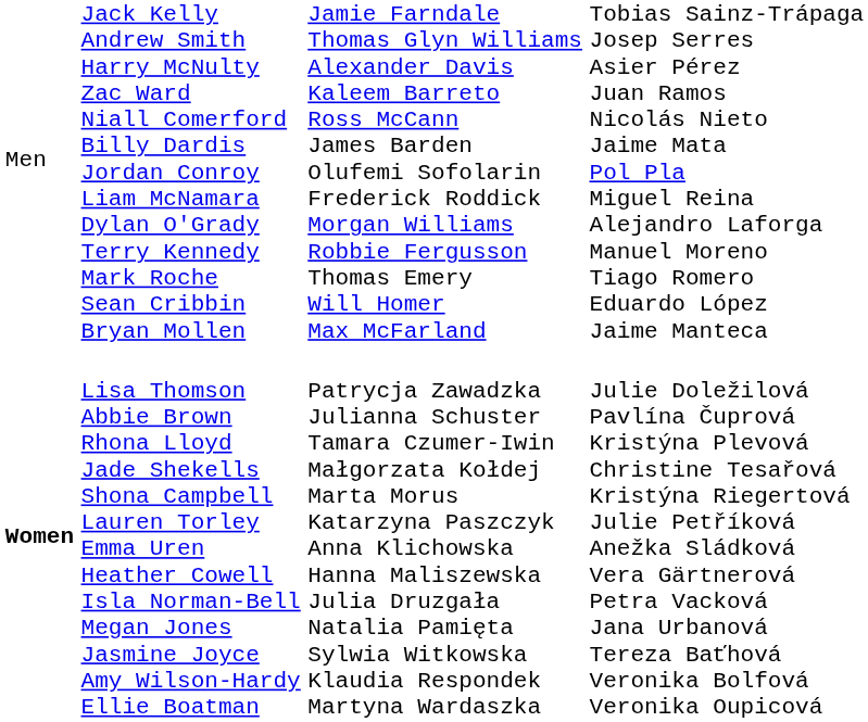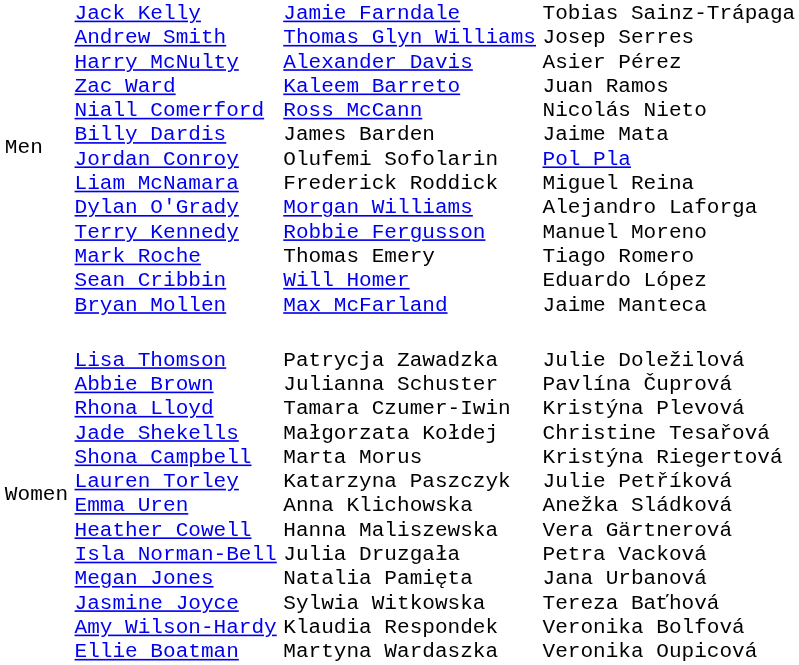 <table>
 <tr>
 <td>Men<br></td>
 <td><br><a href='#'>Jack Kelly</a><br><a href='#'>Andrew Smith</a><br><a href='#'>Harry McNulty</a><br><a href='#'>Zac Ward</a><br><a href='#'>Niall Comerford</a><br><a href='#'>Billy Dardis</a><br><a href='#'>Jordan Conroy</a><br><a href='#'>Liam McNamara</a><br><a href='#'>Dylan O'Grady</a><br><a href='#'>Terry Kennedy</a><br><a href='#'>Mark Roche</a><br><a href='#'>Sean Cribbin</a><br><a href='#'>Bryan Mollen</a></td>
 <td><br><a href='#'>Jamie Farndale</a><br><a href='#'>Thomas Glyn Williams</a><br><a href='#'>Alexander Davis</a><br><a href='#'>Kaleem Barreto</a><br><a href='#'>Ross McCann</a><br>James Barden<br>Olufemi Sofolarin<br>Frederick Roddick<br><a href='#'>Morgan Williams</a><br><a href='#'>Robbie Fergusson</a><br>Thomas Emery<br><a href='#'>Will Homer</a><br><a href='#'>Max McFarland</a></td>
 <td><br>Tobias Sainz-Trápaga<br>Josep Serres<br>Asier Pérez<br>Juan Ramos<br>Nicolás Nieto<br>Jaime Mata<br><a href='#'>Pol Pla</a><br>Miguel Reina<br>Alejandro Laforga<br>Manuel Moreno<br>Tiago Romero<br>Eduardo López<br>Jaime Manteca</td>
 </tr>
 <tr>
-<td><strong>Women<br></strong></td>
+<td>Women<br></td>
 <td><br><a href='#'>Lisa Thomson</a><br><a href='#'>Abbie Brown</a><br><a href='#'>Rhona Lloyd</a><br><a href='#'>Jade Shekells</a><br><a href='#'>Shona Campbell</a><br><a href='#'>Lauren Torley</a><br><a href='#'>Emma Uren</a><br><a href='#'>Heather Cowell</a><br><a href='#'>Isla Norman-Bell</a><br><a href='#'>Megan Jones</a><br><a href='#'>Jasmine Joyce</a><br><a href='#'>Amy Wilson-Hardy</a><br><a href='#'>Ellie Boatman</a></td>
 <td><br>Patrycja Zawadzka<br>Julianna Schuster<br>Tamara Czumer-Iwin<br>Małgorzata Kołdej<br>Marta Morus<br>Katarzyna Paszczyk<br>Anna Klichowska<br>Hanna Maliszewska<br>Julia Druzgała<br>Natalia Pamięta<br>Sylwia Witkowska<br>Klaudia Respondek<br>Martyna Wardaszka</td>
 <td><br>Julie Doležilová<br>Pavlína Čuprová<br>Kristýna Plevová<br>Christine Tesařová<br>Kristýna Riegertová<br>Julie Petříková<br>Anežka Sládková<br>Vera Gärtnerová<br>Petra Vacková<br>Jana Urbanová<br>Tereza Baťhová<br>Veronika Bolfová<br>Veronika Oupicová</td>
 </tr>
 </table>
